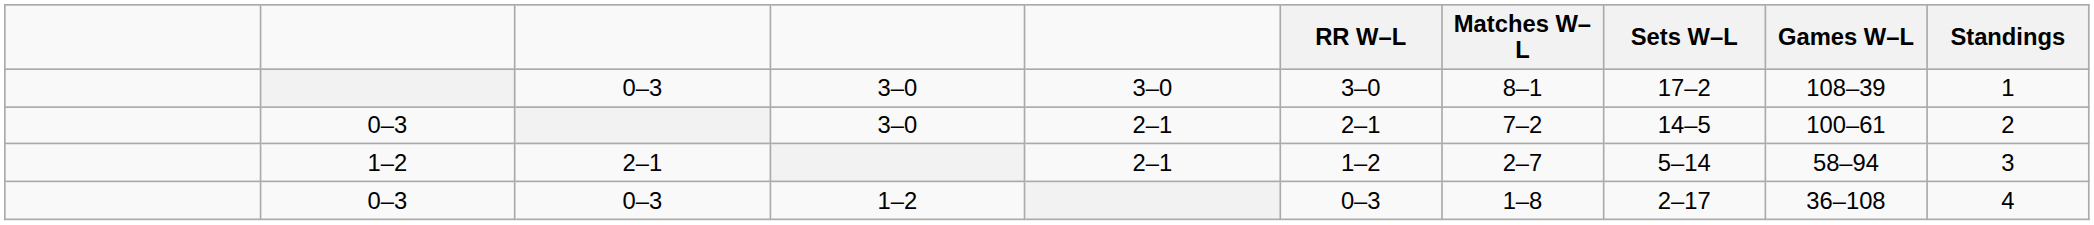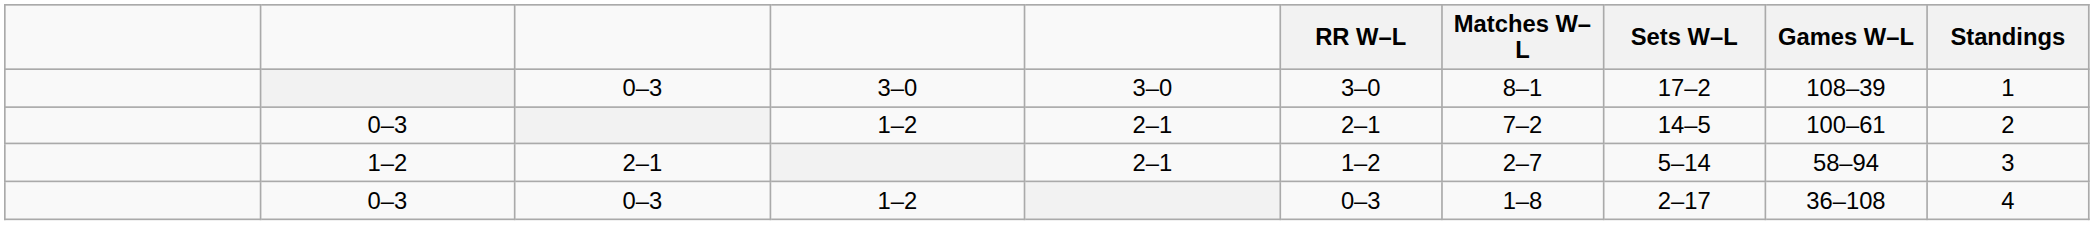 <table class="wikitable" style="width: 100%; text-align:center; font-size:90%">
 <tr>
 <td width=130></td>
 <td width=130></td>
 <td width=130></td>
 <td width=130></td>
 <td width=130></td>
 <th width=80>RR W–L</th>
 <th width=80>Matches W–L</th>
 <th width=80>Sets W–L</th>
 <th width=80>Games W–L</th>
 <th width=80>Standings</th>
 </tr>
 <tr>
 <td style="text-align:left;"></td>
 <th bgcolor="ededed"></th>
 <td>0–3</td>
 <td>3–0</td>
 <td>3–0</td>
 <td>3–0</td>
 <td>8–1</td>
 <td>17–2</td>
 <td>108–39</td>
 <td>1</td>
 </tr>
 <tr>
 <td style="text-align:left;"></td>
 <td>0–3</td>
 <th bgcolor="ededed"></th>
-<td>3–0</td>
+<td>1–2</td>
 <td>2–1</td>
 <td>2–1</td>
 <td>7–2</td>
 <td>14–5</td>
 <td>100–61</td>
 <td>2</td>
 </tr>
 <tr>
 <td style="text-align:left;"></td>
 <td>1–2</td>
 <td>2–1</td>
 <th bgcolor="ededed"></th>
 <td>2–1</td>
 <td>1–2</td>
 <td>2–7</td>
 <td>5–14</td>
 <td>58–94</td>
 <td>3</td>
 </tr>
 <tr>
 <td style="text-align:left;"></td>
 <td>0–3</td>
 <td>0–3</td>
 <td>1–2</td>
 <th bgcolor="ededed"></th>
 <td>0–3</td>
 <td>1–8</td>
 <td>2–17</td>
 <td>36–108</td>
 <td>4</td>
 </tr>
 </table>
